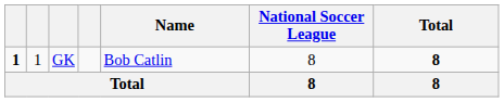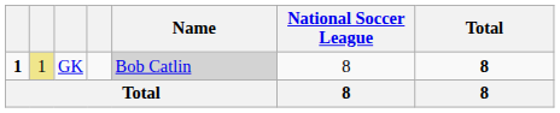 <table class="wikitable" style="text-align:center">
 <tr>
 <th width=15></th>
 <th width=15></th>
 <th width=15></th>
 <th width=15></th>
 <th width=145>Name</th>
 <th width=120><a href='#'>National Soccer League</a></th>
 <th width=120>Total</th>
 </tr>
 <tr>
 <td><strong>1</strong></td>
-<td>1</td>
+<td style="background: khaki;">1</td>
 <td><a href='#'>GK</a></td>
 <td></td>
-<td align=left><a href='#'>Bob Catlin</a></td>
+<td align=left style="background: lightgrey;"><a href='#'>Bob Catlin</a></td>
 <td>8</td>
 <td><strong>8</strong></td>
 </tr>
 <tr>
 <th colspan="5"><strong>Total</strong></th>
 <th>8</th>
 <th>8</th>
 </tr>
 </table>
